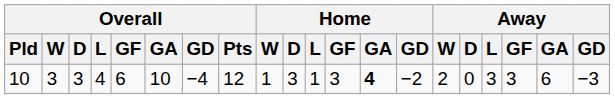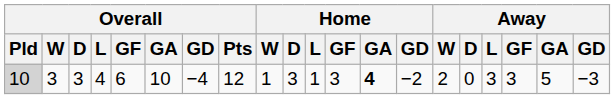 <table class="wikitable">
 <tr>
 <th colspan="8">Overall</th>
 <th colspan="6">Home</th>
 <th colspan="6">Away</th>
 </tr>
 <tr>
 <th><abbr>Pld</abbr></th>
 <th><abbr>W</abbr></th>
 <th><abbr>D</abbr></th>
 <th><abbr>L</abbr></th>
 <th><abbr>GF</abbr></th>
 <th><abbr>GA</abbr></th>
 <th><abbr>GD</abbr></th>
 <th><abbr>Pts</abbr></th>
 <th><abbr>W</abbr></th>
 <th><abbr>D</abbr></th>
 <th><abbr>L</abbr></th>
 <th><abbr>GF</abbr></th>
 <th><abbr>GA</abbr></th>
 <th><abbr>GD</abbr></th>
 <th><abbr>W</abbr></th>
 <th><abbr>D</abbr></th>
 <th><abbr>L</abbr></th>
 <th><abbr>GF</abbr></th>
 <th><abbr>GA</abbr></th>
 <th><abbr>GD</abbr></th>
 </tr>
 <tr>
-<td>10</td>
+<td style="background: lightgrey;">10</td>
 <td>3</td>
 <td>3</td>
 <td>4</td>
 <td>6</td>
 <td>10</td>
 <td>−4</td>
 <td>12</td>
 <td>1</td>
 <td>3</td>
 <td>1</td>
 <td>3</td>
 <td><strong>4</strong></td>
 <td>−2</td>
 <td>2</td>
 <td>0</td>
 <td>3</td>
 <td>3</td>
-<td>6</td>
+<td>5</td>
 <td>−3</td>
 </tr>
 </table>
